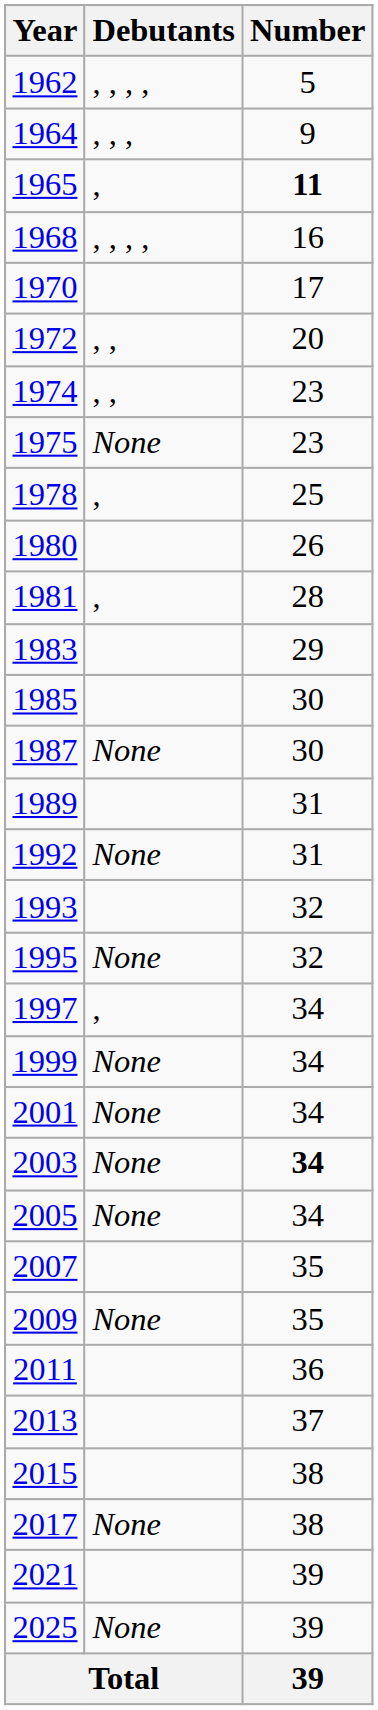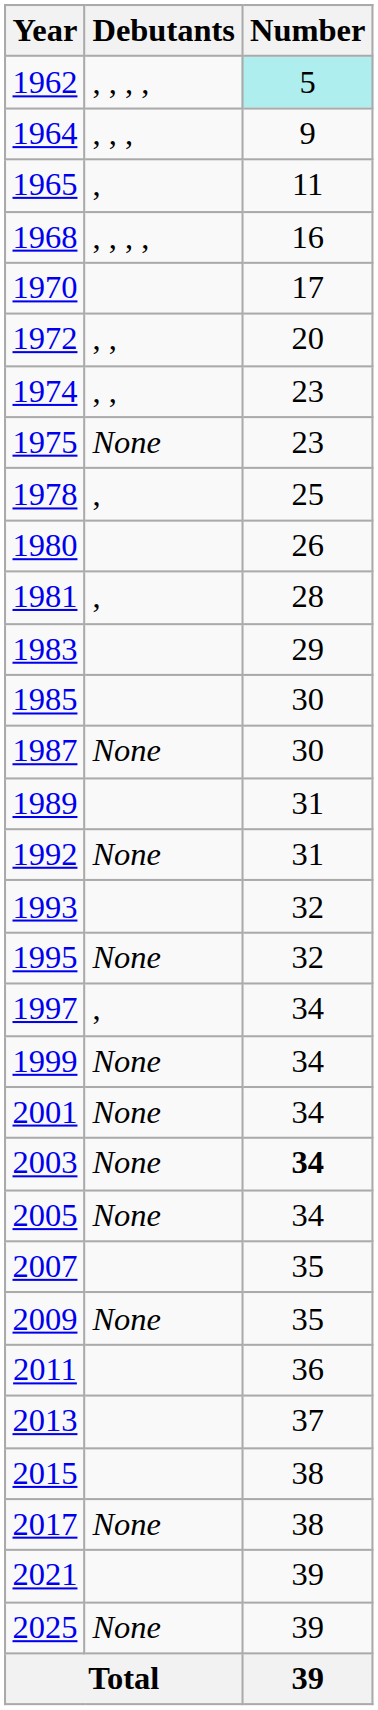 <table class="wikitable" style="text-align:center;">
 <tr>
 <th>Year</th>
 <th>Debutants</th>
 <th>Number</th>
 </tr>
 <tr>
 <td valign=top><a href='#'>1962</a></td>
 <td align=left>, , , , </td>
-<td>5</td>
+<td style="background: paleturquoise;">5</td>
 </tr>
 <tr>
 <td valign=top><a href='#'>1964</a></td>
 <td align=left>, , , </td>
 <td>9</td>
 </tr>
 <tr>
 <td valign=top><a href='#'>1965</a></td>
 <td align=left>, </td>
-<td><strong>11</strong></td>
+<td>11</td>
 </tr>
 <tr>
 <td valign=top><a href='#'>1968</a></td>
 <td align=left>, , , , </td>
 <td>16</td>
 </tr>
 <tr>
 <td valign=top><a href='#'>1970</a></td>
 <td align=left></td>
 <td>17</td>
 </tr>
 <tr>
 <td valign=top><a href='#'>1972</a></td>
 <td align=left>, , </td>
 <td>20</td>
 </tr>
 <tr>
 <td valign=top><a href='#'>1974</a></td>
 <td align=left>, , </td>
 <td>23</td>
 </tr>
 <tr>
 <td valign=top><a href='#'>1975</a></td>
 <td align=left><em>None</em></td>
 <td>23</td>
 </tr>
 <tr>
 <td valign=top><a href='#'>1978</a></td>
 <td align=left>, </td>
 <td>25</td>
 </tr>
 <tr>
 <td valign=top><a href='#'>1980</a></td>
 <td align=left></td>
 <td>26</td>
 </tr>
 <tr>
 <td valign=top><a href='#'>1981</a></td>
 <td align=left>, </td>
 <td>28</td>
 </tr>
 <tr>
 <td valign=top><a href='#'>1983</a></td>
 <td align=left></td>
 <td>29</td>
 </tr>
 <tr>
 <td valign=top><a href='#'>1985</a></td>
 <td align=left></td>
 <td>30</td>
 </tr>
 <tr>
 <td valign=top><a href='#'>1987</a></td>
 <td align=left><em>None</em></td>
 <td>30</td>
 </tr>
 <tr>
 <td valign=top><a href='#'>1989</a></td>
 <td align=left></td>
 <td>31</td>
 </tr>
 <tr>
 <td valign=top><a href='#'>1992</a></td>
 <td align=left><em>None</em></td>
 <td>31</td>
 </tr>
 <tr>
 <td valign=top><a href='#'>1993</a></td>
 <td align=left></td>
 <td>32</td>
 </tr>
 <tr>
 <td valign=top><a href='#'>1995</a></td>
 <td align=left><em>None</em></td>
 <td>32</td>
 </tr>
 <tr>
 <td valign=top><a href='#'>1997</a></td>
 <td align=left>, </td>
 <td>34</td>
 </tr>
 <tr>
 <td valign=top><a href='#'>1999</a></td>
 <td align=left><em>None</em></td>
 <td>34</td>
 </tr>
 <tr>
 <td valign=top><a href='#'>2001</a></td>
 <td align=left><em>None</em></td>
 <td>34</td>
 </tr>
 <tr>
 <td valign=top><a href='#'>2003</a></td>
 <td align=left><em>None</em></td>
 <td><strong>34</strong></td>
 </tr>
 <tr>
 <td valign=top><a href='#'>2005</a></td>
 <td align=left><em>None</em></td>
 <td>34</td>
 </tr>
 <tr>
 <td valign=top><a href='#'>2007</a></td>
 <td align=left></td>
 <td>35</td>
 </tr>
 <tr>
 <td valign=top><a href='#'>2009</a></td>
 <td align=left><em>None</em></td>
 <td>35</td>
 </tr>
 <tr>
 <td valign=top><a href='#'>2011</a></td>
 <td align=left></td>
 <td>36</td>
 </tr>
 <tr>
 <td valign=top><a href='#'>2013</a></td>
 <td align=left></td>
 <td>37</td>
 </tr>
 <tr>
 <td valign=top><a href='#'>2015</a></td>
 <td align=left></td>
 <td>38</td>
 </tr>
 <tr>
 <td valign=top><a href='#'>2017</a></td>
 <td align=left><em>None</em></td>
 <td>38</td>
 </tr>
 <tr>
 <td valign=top><a href='#'>2021</a></td>
 <td align=left></td>
 <td>39</td>
 </tr>
 <tr>
 <td valign=top><a href='#'>2025</a></td>
 <td align=left><em>None</em></td>
 <td>39</td>
 </tr>
 <tr>
 <th colspan=2>Total</th>
 <th>39</th>
 </tr>
 </table>
